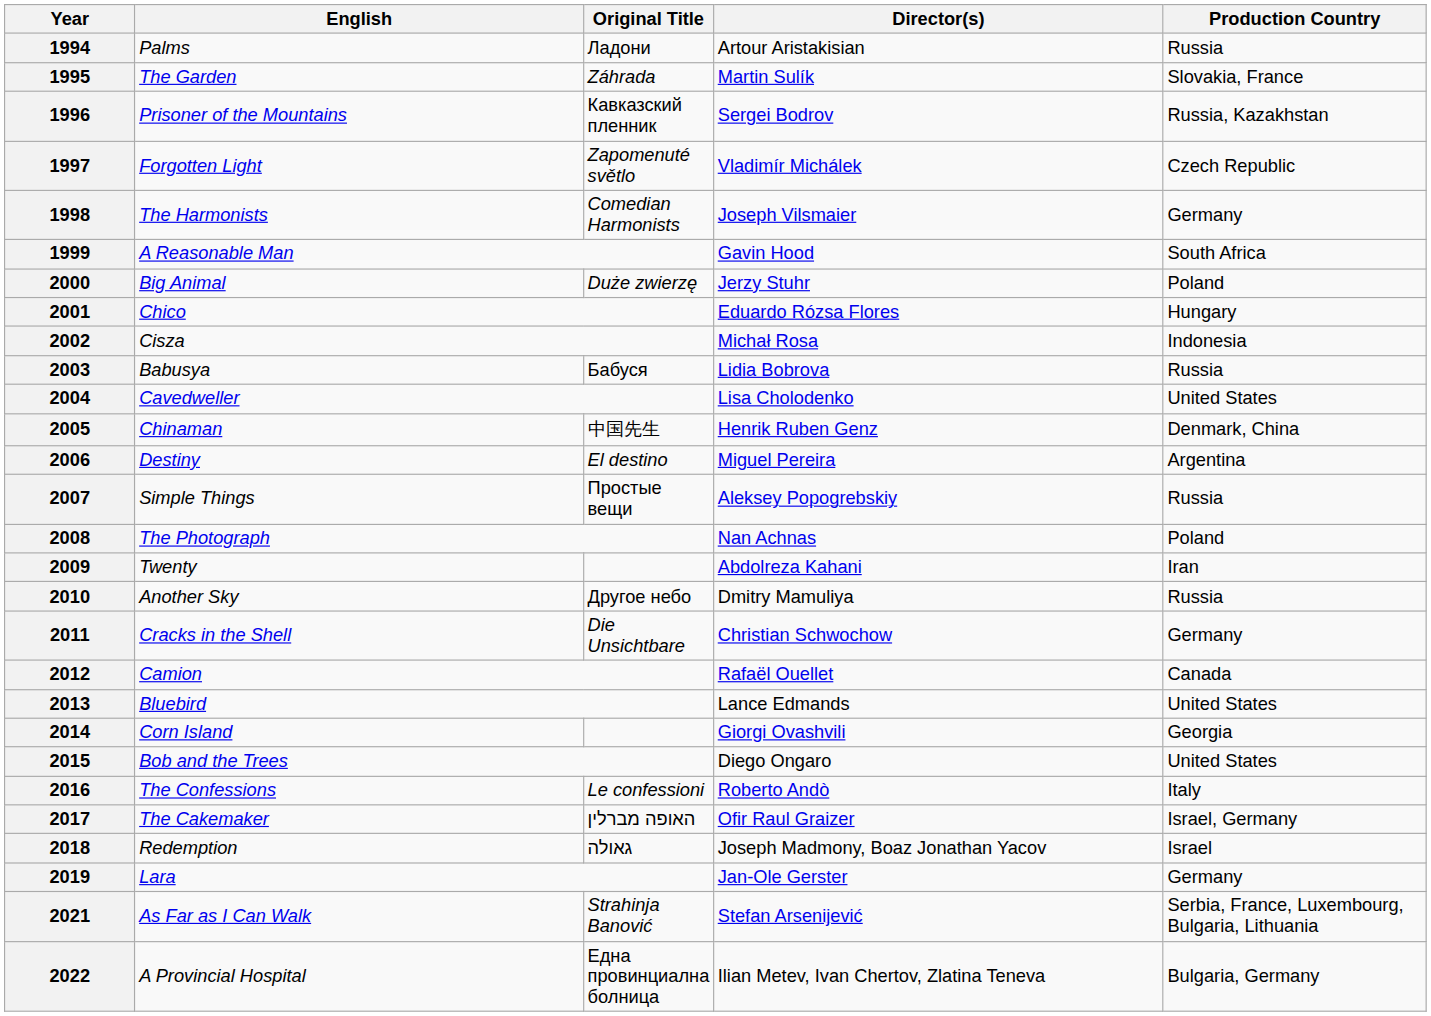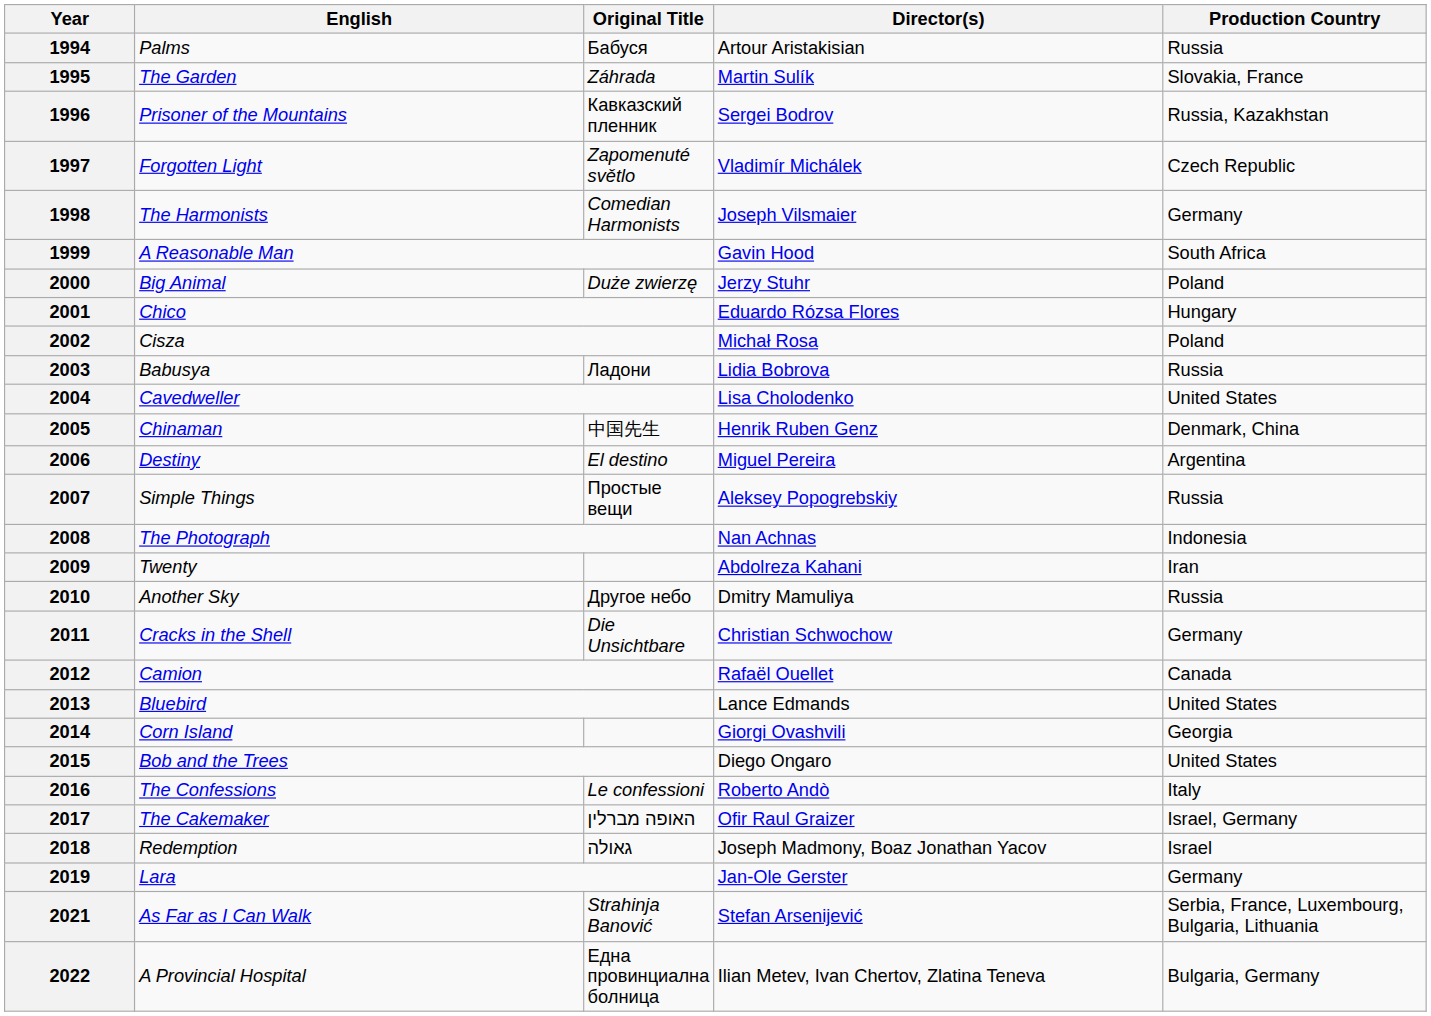 <table class="wikitable">
 <tr>
 <th width="10%">Year</th>
 <th width="35%">English</th>
 <th>Original Title</th>
 <th width="35%">Director(s)</th>
 <th width="20%">Production Country</th>
 </tr>
 <tr>
 <th align="center">1994</th>
 <td><em>Palms</em></td>
-<td>Ладони</td>
+<td>Бабуся</td>
 <td>Artour Aristakisian</td>
 <td>Russia</td>
 </tr>
 <tr>
 <th align="center">1995</th>
 <td><em><a href='#'>The Garden</a></em></td>
 <td><em>Záhrada</em></td>
 <td><a href='#'>Martin Sulík</a></td>
 <td>Slovakia, France</td>
 </tr>
 <tr>
 <th align="center">1996</th>
 <td><em><a href='#'>Prisoner of the Mountains</a></em></td>
 <td>Кавказский пленник</td>
 <td><a href='#'>Sergei Bodrov</a></td>
 <td>Russia, Kazakhstan</td>
 </tr>
 <tr>
 <th align="center">1997</th>
 <td><em><a href='#'>Forgotten Light</a></em></td>
 <td><em>Zapomenuté světlo</em></td>
 <td><a href='#'>Vladimír Michálek</a></td>
 <td>Czech Republic</td>
 </tr>
 <tr>
 <th align="center">1998</th>
 <td><em><a href='#'>The Harmonists</a></em></td>
 <td><em>Comedian Harmonists</em></td>
 <td><a href='#'>Joseph Vilsmaier</a></td>
 <td>Germany</td>
 </tr>
 <tr>
 <th align="center">1999</th>
 <td colspan="2"><em><a href='#'>A Reasonable Man</a></em></td>
 <td><a href='#'>Gavin Hood</a></td>
 <td>South Africa</td>
 </tr>
 <tr>
 <th align="center">2000</th>
 <td><em><a href='#'>Big Animal</a></em></td>
 <td><em>Duże zwierzę</em></td>
 <td><a href='#'>Jerzy Stuhr</a></td>
 <td>Poland</td>
 </tr>
 <tr>
 <th align="center">2001</th>
 <td colspan="2"><em><a href='#'>Chico</a></em></td>
 <td><a href='#'>Eduardo Rózsa Flores</a></td>
 <td>Hungary</td>
 </tr>
 <tr>
 <th align="center">2002</th>
 <td colspan="2"><em>Cisza</em></td>
 <td><a href='#'>Michał Rosa</a></td>
-<td>Indonesia</td>
+<td>Poland</td>
 </tr>
 <tr>
 <th align="center">2003</th>
 <td><em>Babusya</em></td>
-<td>Бабуся</td>
+<td>Ладони</td>
 <td><a href='#'>Lidia Bobrova</a></td>
 <td>Russia</td>
 </tr>
 <tr>
 <th align="center">2004</th>
 <td colspan="2"><em><a href='#'>Cavedweller</a></em></td>
 <td><a href='#'>Lisa Cholodenko</a></td>
 <td>United States</td>
 </tr>
 <tr>
 <th align="center">2005</th>
 <td><em><a href='#'>Chinaman</a></em></td>
 <td>中国先生</td>
 <td><a href='#'>Henrik Ruben Genz</a></td>
 <td>Denmark, China</td>
 </tr>
 <tr>
 <th align="center">2006</th>
 <td><em><a href='#'>Destiny</a></em></td>
 <td><em>El destino</em></td>
 <td><a href='#'>Miguel Pereira</a></td>
 <td>Argentina</td>
 </tr>
 <tr>
 <th align="center">2007</th>
 <td><em>Simple Things</em></td>
 <td>Простые вещи</td>
 <td><a href='#'>Aleksey Popogrebskiy</a></td>
 <td>Russia</td>
 </tr>
 <tr>
 <th align="center">2008</th>
 <td colspan="2"><em><a href='#'>The Photograph</a></em></td>
 <td><a href='#'>Nan Achnas</a></td>
-<td>Poland</td>
+<td>Indonesia</td>
 </tr>
 <tr>
 <th align="center">2009</th>
 <td><em>Twenty</em></td>
 <td></td>
 <td><a href='#'>Abdolreza Kahani</a></td>
 <td>Iran</td>
 </tr>
 <tr>
 <th align="center">2010</th>
 <td><em>Another Sky</em></td>
 <td>Другое небо</td>
 <td>Dmitry Mamuliya</td>
 <td>Russia</td>
 </tr>
 <tr>
 <th align="center">2011</th>
 <td><em><a href='#'>Cracks in the Shell</a></em></td>
 <td><em>Die Unsichtbare</em></td>
 <td><a href='#'>Christian Schwochow</a></td>
 <td>Germany</td>
 </tr>
 <tr>
 <th align="center">2012</th>
 <td colspan="2"><em><a href='#'>Camion</a></em></td>
 <td><a href='#'>Rafaël Ouellet</a></td>
 <td>Canada</td>
 </tr>
 <tr>
 <th align="center">2013</th>
 <td colspan="2"><em><a href='#'>Bluebird</a></em></td>
 <td>Lance Edmands</td>
 <td>United States</td>
 </tr>
 <tr>
 <th align="center">2014</th>
 <td><em><a href='#'>Corn Island</a></em></td>
 <td></td>
 <td><a href='#'>Giorgi Ovashvili</a></td>
 <td>Georgia</td>
 </tr>
 <tr>
 <th align="center">2015</th>
 <td colspan="2"><em><a href='#'>Bob and the Trees</a></em></td>
 <td>Diego Ongaro</td>
 <td>United States</td>
 </tr>
 <tr>
 <th align="center">2016</th>
 <td><em><a href='#'>The Confessions</a></em></td>
 <td><em>Le confessioni</em></td>
 <td><a href='#'>Roberto Andò</a></td>
 <td>Italy</td>
 </tr>
 <tr>
 <th align="center">2017</th>
 <td><em><a href='#'>The Cakemaker</a></em></td>
 <td>האופה מברלין</td>
 <td><a href='#'>Ofir Raul Graizer</a></td>
 <td>Israel, Germany</td>
 </tr>
 <tr>
 <th align="center">2018</th>
 <td><em>Redemption</em></td>
 <td>גאולה</td>
 <td>Joseph Madmony, Boaz Jonathan Yacov</td>
 <td>Israel</td>
 </tr>
 <tr>
 <th align="center">2019</th>
 <td colspan="2"><em><a href='#'>Lara</a></em></td>
 <td><a href='#'>Jan-Ole Gerster</a></td>
 <td>Germany</td>
 </tr>
 <tr>
 <th align="center">2021</th>
 <td><em><a href='#'>As Far as I Can Walk</a></em></td>
 <td><em>Strahinja Banović</em></td>
 <td><a href='#'>Stefan Arsenijević</a></td>
 <td>Serbia, France, Luxembourg, Bulgaria, Lithuania</td>
 </tr>
 <tr>
 <th align="center">2022</th>
 <td><em>A Provincial Hospital</em></td>
 <td>Една провинциална болница</td>
 <td>Ilian Metev, Ivan Chertov, Zlatina Teneva</td>
 <td>Bulgaria, Germany</td>
 </tr>
 </table>
